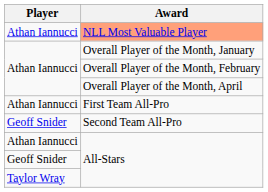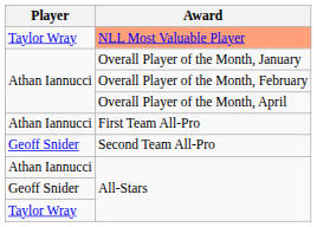 <table class="wikitable">
 <tr>
 <th>Player</th>
 <th>Award</th>
 </tr>
 <tr>
-<td><a href='#'>Athan Iannucci</a></td>
+<td><a href='#'>Taylor Wray</a></td>
 <td style="background: lightsalmon;"><a href='#'>NLL Most Valuable Player</a></td>
 </tr>
 <tr>
 <td rowspan=3>Athan Iannucci</td>
 <td>Overall Player of the Month, January</td>
 </tr>
 <tr>
 <td>Overall Player of the Month, February</td>
 </tr>
 <tr>
 <td>Overall Player of the Month, April</td>
 </tr>
 <tr>
 <td>Athan Iannucci</td>
 <td>First Team All-Pro</td>
 </tr>
 <tr>
 <td><a href='#'>Geoff Snider</a></td>
 <td>Second Team All-Pro</td>
 </tr>
 <tr>
 <td>Athan Iannucci</td>
 <td rowspan=3>All-Stars</td>
 </tr>
 <tr>
 <td>Geoff Snider</td>
 </tr>
 <tr>
 <td><a href='#'>Taylor Wray</a></td>
 </tr>
 </table>
